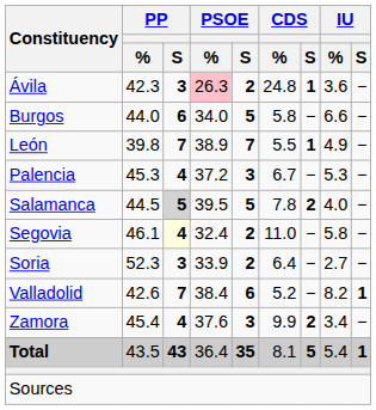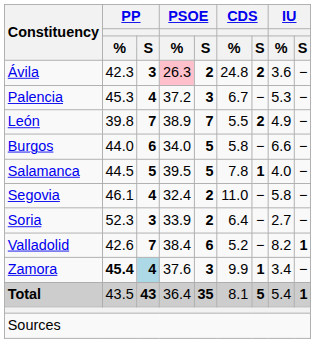 <table class="wikitable sortable" style="text-align:right; line-height:20px;">
 <tr>
 <th rowspan="3">Constituency</th>
 <th colspan="2" width="30px" class="unsortable"><a href='#'>PP</a></th>
 <th colspan="2" width="30px" class="unsortable"><a href='#'>PSOE</a></th>
 <th colspan="2" width="30px" class="unsortable"><a href='#'>CDS</a></th>
 <th colspan="2" width="30px" class="unsortable"><a href='#'>IU</a></th>
 </tr>
 <tr>
 <th colspan="2" style="background:"></th>
 <th colspan="2" style="background:"></th>
 <th colspan="2" style="background:"></th>
 <th colspan="2" style="background:"></th>
 </tr>
 <tr>
 <th data-sort-type="number">%</th>
 <th data-sort-type="number">S</th>
 <th data-sort-type="number">%</th>
 <th data-sort-type="number">S</th>
 <th data-sort-type="number">%</th>
 <th data-sort-type="number">S</th>
 <th data-sort-type="number">%</th>
 <th data-sort-type="number">S</th>
 </tr>
 <tr>
 <td align="left"><a href='#'>Ávila</a></td>
 <td style="background:">42.3</td>
 <td><strong>3</strong></td>
 <td style="background: pink;">26.3</td>
 <td><strong>2</strong></td>
 <td>24.8</td>
-<td><strong>1</strong></td>
+<td><strong>2</strong></td>
 <td>3.6</td>
+<td>−</td>
+</tr>
+<tr>
+<td align="left"><a href='#'>Palencia</a></td>
+<td style="background:">45.3</td>
+<td><strong>4</strong></td>
+<td>37.2</td>
+<td><strong>3</strong></td>
+<td>6.7</td>
+<td>−</td>
+<td>5.3</td>
+<td>−</td>
+</tr>
+<tr>
+<td align="left"><a href='#'>León</a></td>
+<td style="background:">39.8</td>
+<td><strong>7</strong></td>
+<td>38.9</td>
+<td><strong>7</strong></td>
+<td>5.5</td>
+<td><strong>2</strong></td>
+<td>4.9</td>
 <td>−</td>
 </tr>
 <tr>
 <td align="left"><a href='#'>Burgos</a></td>
 <td style="background:">44.0</td>
 <td><strong>6</strong></td>
 <td>34.0</td>
 <td><strong>5</strong></td>
 <td>5.8</td>
 <td>−</td>
 <td>6.6</td>
 <td>−</td>
 </tr>
 <tr>
-<td align="left"><a href='#'>León</a></td>
-<td style="background:">39.8</td>
-<td><strong>7</strong></td>
-<td>38.9</td>
-<td><strong>7</strong></td>
-<td>5.5</td>
-<td><strong>1</strong></td>
-<td>4.9</td>
-<td>−</td>
-</tr>
-<tr>
-<td align="left"><a href='#'>Palencia</a></td>
-<td style="background:">45.3</td>
-<td><strong>4</strong></td>
-<td>37.2</td>
-<td><strong>3</strong></td>
-<td>6.7</td>
-<td>−</td>
-<td>5.3</td>
-<td>−</td>
-</tr>
-<tr>
 <td align="left"><a href='#'>Salamanca</a></td>
 <td style="background:">44.5</td>
-<td style="background: lightgrey;"><strong>5</strong></td>
+<td><strong>5</strong></td>
 <td>39.5</td>
 <td><strong>5</strong></td>
 <td>7.8</td>
-<td><strong>2</strong></td>
+<td><strong>1</strong></td>
 <td>4.0</td>
 <td>−</td>
 </tr>
 <tr>
 <td align="left"><a href='#'>Segovia</a></td>
 <td style="background:">46.1</td>
-<td style="background: lightyellow;"><strong>4</strong></td>
+<td><strong>4</strong></td>
 <td>32.4</td>
 <td><strong>2</strong></td>
 <td>11.0</td>
 <td>−</td>
 <td>5.8</td>
 <td>−</td>
 </tr>
 <tr>
 <td align="left"><a href='#'>Soria</a></td>
 <td style="background:">52.3</td>
 <td><strong>3</strong></td>
 <td>33.9</td>
 <td><strong>2</strong></td>
 <td>6.4</td>
 <td>−</td>
 <td>2.7</td>
 <td>−</td>
 </tr>
 <tr>
 <td align="left"><a href='#'>Valladolid</a></td>
 <td style="background:">42.6</td>
 <td><strong>7</strong></td>
 <td>38.4</td>
 <td><strong>6</strong></td>
 <td>5.2</td>
 <td>−</td>
 <td>8.2</td>
 <td><strong>1</strong></td>
 </tr>
 <tr>
 <td align="left"><a href='#'>Zamora</a></td>
-<td style="background:">45.4</td>
-<td><strong>4</strong></td>
+<td style="background:"><strong>45.4</strong></td>
+<td style="background: lightblue;"><strong>4</strong></td>
 <td>37.6</td>
 <td><strong>3</strong></td>
 <td>9.9</td>
-<td><strong>2</strong></td>
+<td><strong>1</strong></td>
 <td>3.4</td>
 <td>−</td>
 </tr>
 <tr style="background:#CDCDCD;">
 <td align="left"><strong>Total</strong></td>
 <td style="background:">43.5</td>
 <td><strong>43</strong></td>
 <td>36.4</td>
 <td><strong>35</strong></td>
 <td>8.1</td>
 <td><strong>5</strong></td>
 <td>5.4</td>
 <td><strong>1</strong></td>
 </tr>
 <tr>
 <th colspan="9"></th>
 </tr>
 <tr>
 <th style="text-align:left; font-weight:normal; background:#F9F9F9" colspan="9">Sources</th>
 </tr>
 </table>
